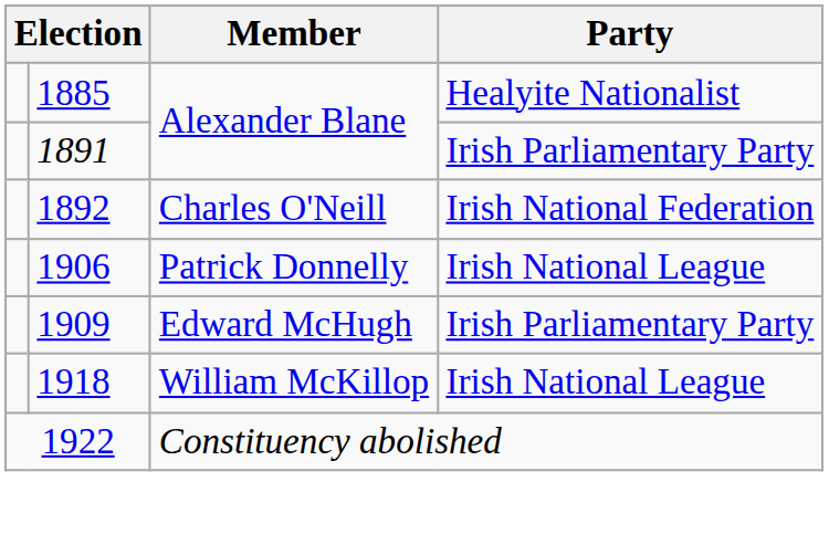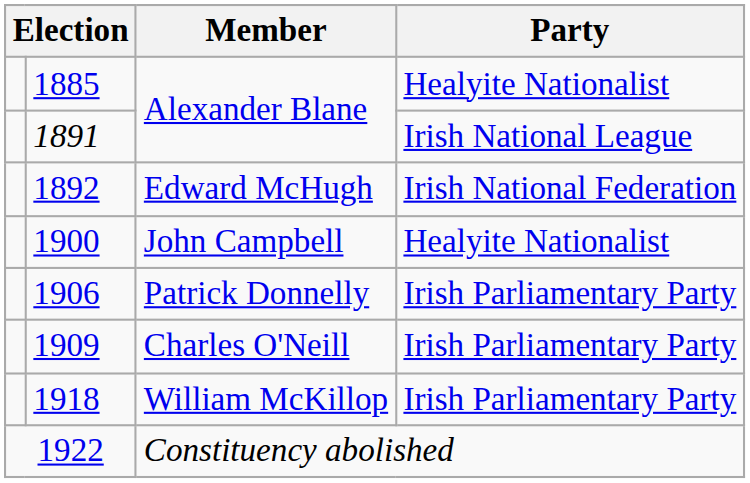 <table class="wikitable">
 <tr>
 <th colspan="2">Election</th>
 <th>Member</th>
 <th>Party</th>
 </tr>
 <tr>
 <td style="color:inherit;background-color: "></td>
 <td><a href='#'>1885</a></td>
 <td rowspan="2"><a href='#'>Alexander Blane</a></td>
 <td><a href='#'>Healyite Nationalist</a></td>
 </tr>
 <tr>
 <td style="color:inherit;background-color: "></td>
 <td><em>1891</em></td>
-<td><a href='#'>Irish Parliamentary Party</a></td>
+<td><a href='#'>Irish National League</a></td>
 </tr>
 <tr>
 <td style="color:inherit;background-color: "></td>
 <td><a href='#'>1892</a></td>
-<td><a href='#'>Charles O'Neill</a></td>
+<td><a href='#'>Edward McHugh</a></td>
 <td><a href='#'>Irish National Federation</a></td>
+</tr>
+<tr>
+<td style="color:inherit;background-color: "></td>
+<td><a href='#'>1900</a></td>
+<td><a href='#'>John Campbell</a></td>
+<td><a href='#'>Healyite Nationalist</a></td>
 </tr>
 <tr>
 <td style="color:inherit;background-color: "></td>
 <td><a href='#'>1906</a></td>
 <td><a href='#'>Patrick Donnelly</a></td>
-<td><a href='#'>Irish National League</a></td>
+<td><a href='#'>Irish Parliamentary Party</a></td>
 </tr>
 <tr>
 <td style="color:inherit;background-color: "></td>
 <td><a href='#'>1909</a></td>
-<td><a href='#'>Edward McHugh</a></td>
+<td><a href='#'>Charles O'Neill</a></td>
 <td><a href='#'>Irish Parliamentary Party</a></td>
 </tr>
 <tr>
 <td style="color:inherit;background-color: "></td>
 <td><a href='#'>1918</a></td>
 <td><a href='#'>William McKillop</a></td>
-<td><a href='#'>Irish National League</a></td>
+<td><a href='#'>Irish Parliamentary Party</a></td>
 </tr>
 <tr>
 <td colspan="2" align="center"><a href='#'>1922</a></td>
 <td colspan="2"><em>Constituency abolished</em></td>
 </tr>
 </table>
